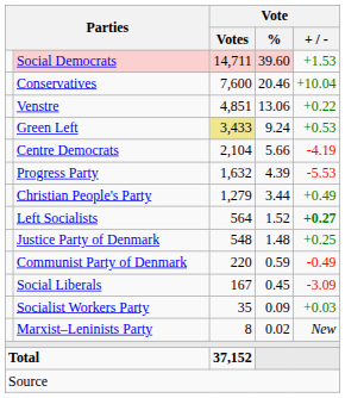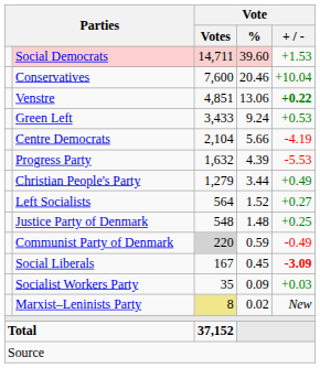 <table class="wikitable" style="text-align:right;">
 <tr>
 <th style="text-align:centre;" rowspan="2" colspan="2" width="225">Parties</th>
 <th colspan="3">Vote</th>
 </tr>
 <tr>
 <th width="15">Votes</th>
 <th width="15">%</th>
 <th width="15">+ / -</th>
 </tr>
 <tr>
 <td width="2" style="color:inherit;background:"></td>
 <td bgcolor=#fbd0ce  align="left"><a href='#'>Social Democrats</a></td>
 <td bgcolor=#fbd0ce>14,711</td>
 <td bgcolor=#fbd0ce>39.60</td>
 <td style=color:green;>+1.53</td>
 </tr>
 <tr>
 <td width="2" style="color:inherit;background:"></td>
 <td align="left"><a href='#'>Conservatives</a></td>
 <td>7,600</td>
 <td>20.46</td>
 <td style=color:green;>+10.04</td>
 </tr>
 <tr>
 <td width="2" style="color:inherit;background:"></td>
 <td align="left"><a href='#'>Venstre</a></td>
 <td>4,851</td>
 <td>13.06</td>
-<td style=color:green;>+0.22</td>
+<td style=color:green;><strong>+0.22</strong></td>
 </tr>
 <tr>
 <td width="2" style="color:inherit;background:"></td>
 <td align="left"><a href='#'>Green Left</a></td>
-<td style="background: khaki;">3,433</td>
+<td>3,433</td>
 <td>9.24</td>
 <td style=color:green;>+0.53</td>
 </tr>
 <tr>
 <td width="2" style="color:inherit;background:"></td>
 <td align="left"><a href='#'>Centre Democrats</a></td>
 <td>2,104</td>
 <td>5.66</td>
 <td style=color:red;>-4.19</td>
 </tr>
 <tr>
 <td width="2" style="color:inherit;background:"></td>
 <td align="left"><a href='#'>Progress Party</a></td>
 <td>1,632</td>
 <td>4.39</td>
 <td style=color:red;>-5.53</td>
 </tr>
 <tr>
 <td width="2" style="color:inherit;background:"></td>
 <td align="left"><a href='#'>Christian People's Party</a></td>
 <td>1,279</td>
 <td>3.44</td>
 <td style=color:green;>+0.49</td>
 </tr>
 <tr>
 <td width="2" style="color:inherit;background:"></td>
 <td align="left"><a href='#'>Left Socialists</a></td>
 <td>564</td>
 <td>1.52</td>
-<td style=color:green;><strong>+0.27</strong></td>
+<td style=color:green;>+0.27</td>
 </tr>
 <tr>
 <td width="2" style="color:inherit;background:"></td>
 <td align="left"><a href='#'>Justice Party of Denmark</a></td>
 <td>548</td>
 <td>1.48</td>
 <td style=color:green;>+0.25</td>
 </tr>
 <tr>
 <td width="2" style="color:inherit;background:"></td>
 <td align="left"><a href='#'>Communist Party of Denmark</a></td>
-<td>220</td>
+<td style="background: lightgrey;">220</td>
 <td>0.59</td>
 <td style=color:red;>-0.49</td>
 </tr>
 <tr>
 <td width="2" style="color:inherit;background:"></td>
 <td align="left"><a href='#'>Social Liberals</a></td>
 <td>167</td>
 <td>0.45</td>
-<td style=color:red;>-3.09</td>
+<td style=color:red;><strong>-3.09</strong></td>
 </tr>
 <tr>
 <td width="2" style="color:inherit;background:"></td>
 <td align="left"><a href='#'>Socialist Workers Party</a></td>
 <td>35</td>
 <td>0.09</td>
 <td style=color:green;>+0.03</td>
 </tr>
 <tr>
 <td width="2" style="color:inherit;background:"></td>
 <td align="left"><a href='#'>Marxist–Leninists Party</a></td>
-<td>8</td>
+<td style="background: khaki;">8</td>
 <td>0.02</td>
 <td><em>New</em></td>
 </tr>
 <tr>
 <td colspan="7" bgcolor="#E9E9E9"></td>
 </tr>
 <tr>
 <td align="left" colspan="2"><strong>Total</strong></td>
 <td><strong>37,152</strong></td>
 <td bgcolor="#E9E9E9" colspan="2"></td>
 </tr>
 <tr>
 <td align="left" colspan="6">Source</td>
 </tr>
 </table>
